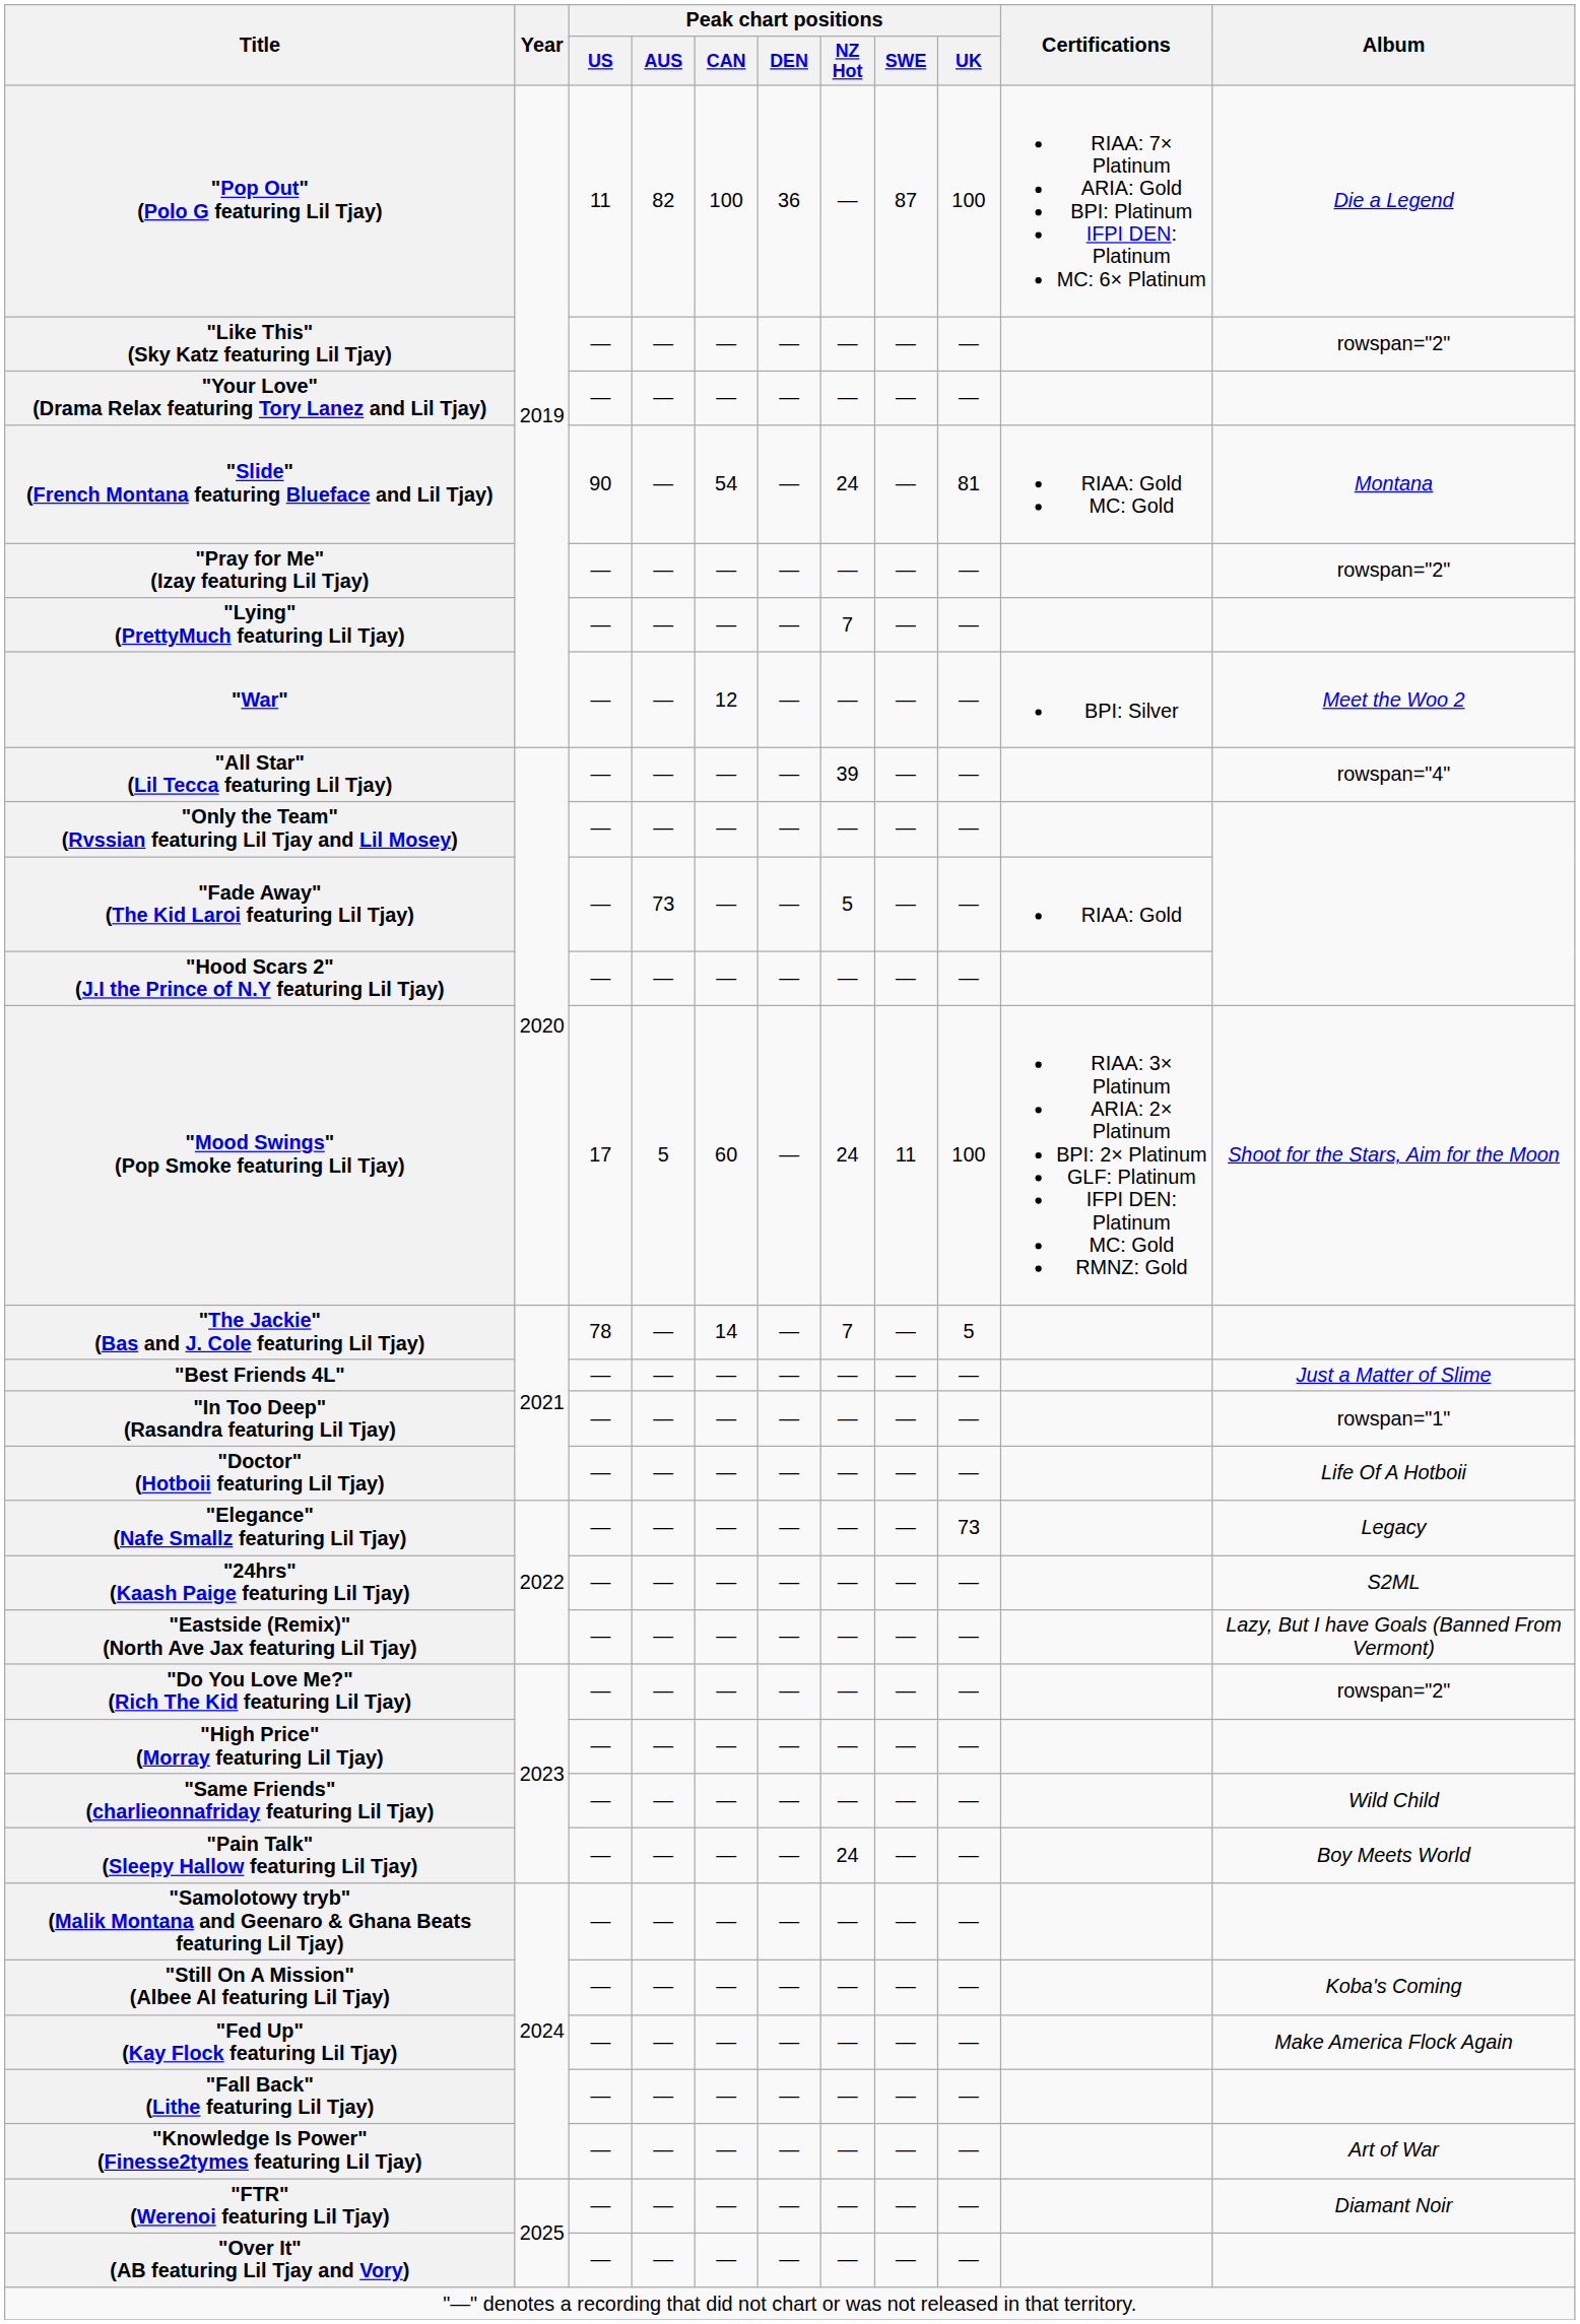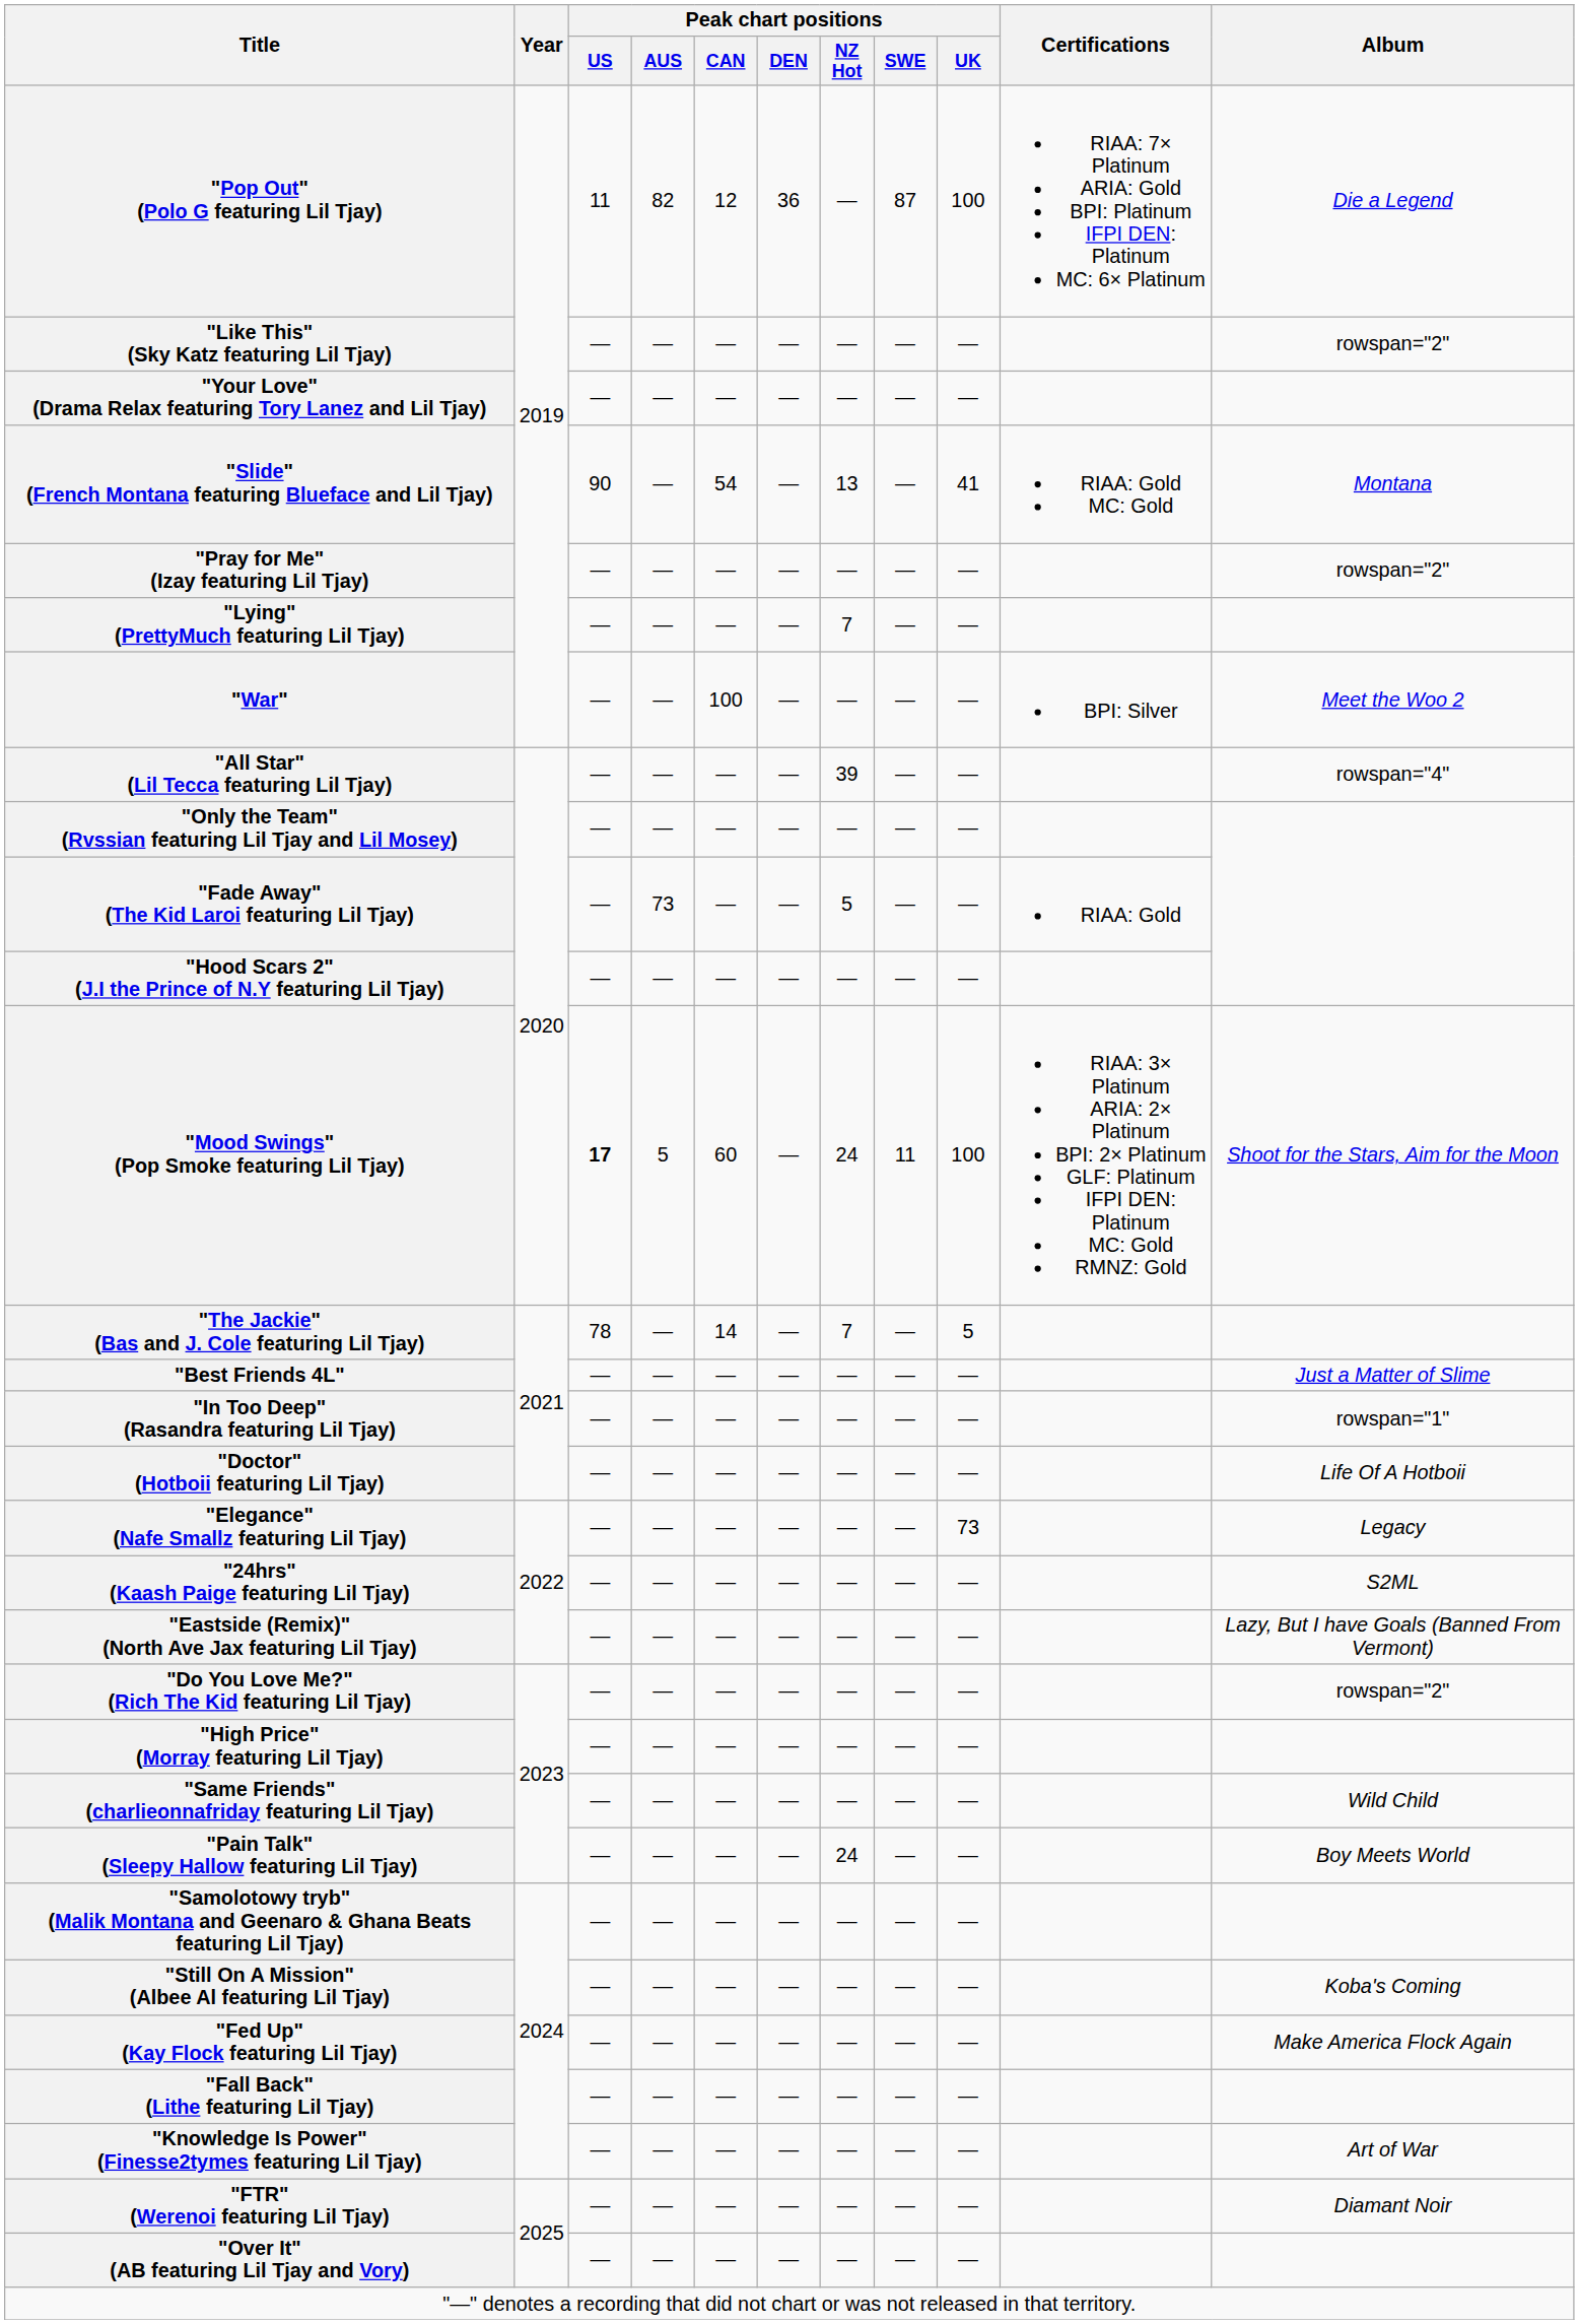 <table class="wikitable plainrowheaders" style="text-align:center">
 <tr>
 <th rowspan="2">Title</th>
 <th rowspan="2">Year</th>
 <th colspan="7">Peak chart positions</th>
 <th rowspan="2">Certifications</th>
 <th rowspan="2">Album</th>
 </tr>
 <tr>
 <th scope="col" style="width:3em;font-size:90%;"><a href='#'>US</a><br></th>
 <th scope="col" style="width:3em;font-size:90%;"><a href='#'>AUS</a><br></th>
 <th scope="col" style="width:3em;font-size:90%;"><a href='#'>CAN</a><br></th>
 <th scope="col" style="width:3em;font-size:90%;"><a href='#'>DEN</a><br></th>
 <th scope="col" style="width:2.5em;font-size:90%;"><a href='#'>NZ<br>Hot</a><br></th>
 <th scope="col" style="width:3em;font-size:90%;"><a href='#'>SWE</a><br></th>
 <th scope="col" style="width:3em;font-size:90%;"><a href='#'>UK</a><br></th>
 </tr>
 <tr>
 <th scope="row">"<a href='#'>Pop Out</a>"<br><span>(<a href='#'>Polo G</a> featuring Lil Tjay)</span></th>
 <td rowspan="7">2019</td>
 <td>11</td>
 <td>82</td>
-<td>100</td>
+<td>12</td>
 <td>36</td>
 <td>—</td>
 <td>87</td>
 <td>100</td>
 <td><br><ul><li>RIAA: 7× Platinum</li><li>ARIA: Gold</li><li>BPI: Platinum</li><li><a href='#'>IFPI DEN</a>: Platinum</li><li>MC: 6× Platinum</li></ul></td>
 <td><em><a href='#'>Die a Legend</a></em></td>
 </tr>
 <tr>
 <th scope="row">"Like This"<br><span>(Sky Katz featuring Lil Tjay)</span></th>
 <td>—</td>
 <td>—</td>
 <td>—</td>
 <td>—</td>
 <td>—</td>
 <td>—</td>
 <td>—</td>
 <td></td>
 <td>rowspan="2" </td>
 </tr>
 <tr>
 <th scope="row">"Your Love"<br><span>(Drama Relax featuring <a href='#'>Tory Lanez</a> and Lil Tjay)</span></th>
 <td>—</td>
 <td>—</td>
 <td>—</td>
 <td>—</td>
 <td>—</td>
 <td>—</td>
 <td>—</td>
 <td></td>
 </tr>
 <tr>
 <th scope="row">"<a href='#'>Slide</a>"<br><span>(<a href='#'>French Montana</a> featuring <a href='#'>Blueface</a> and Lil Tjay)</span></th>
 <td>90</td>
 <td>—</td>
 <td>54</td>
 <td>—</td>
-<td>24</td>
+<td>13</td>
 <td>—</td>
-<td>81</td>
+<td>41</td>
 <td><br><ul><li>RIAA: Gold</li><li>MC: Gold</li></ul></td>
 <td><em><a href='#'>Montana</a></em></td>
 </tr>
 <tr>
 <th scope="row">"Pray for Me"<br><span>(Izay featuring Lil Tjay)</span></th>
 <td>—</td>
 <td>—</td>
 <td>—</td>
 <td>—</td>
 <td>—</td>
 <td>—</td>
 <td>—</td>
 <td></td>
 <td>rowspan="2" </td>
 </tr>
 <tr>
 <th scope="row">"Lying"<br><span>(<a href='#'>PrettyMuch</a> featuring Lil Tjay)</span></th>
 <td>—</td>
 <td>—</td>
 <td>—</td>
 <td>—</td>
 <td>7</td>
 <td>—</td>
 <td>—</td>
 <td></td>
 </tr>
 <tr>
 <th scope="row">"<a href='#'>War</a>"<br></th>
 <td>—</td>
 <td>—</td>
-<td>12</td>
+<td>100</td>
 <td>—</td>
 <td>—</td>
 <td>—</td>
 <td>—</td>
 <td><br><ul><li>BPI: Silver</li></ul></td>
 <td><em><a href='#'>Meet the Woo 2</a></em></td>
 </tr>
 <tr>
 <th scope="row">"All Star"<br><span>(<a href='#'>Lil Tecca</a> featuring Lil Tjay)</span></th>
 <td rowspan="5">2020</td>
 <td>—</td>
 <td>—</td>
 <td>—</td>
 <td>—</td>
 <td>39</td>
 <td>—</td>
 <td>—</td>
 <td></td>
 <td>rowspan="4" </td>
 </tr>
 <tr>
 <th scope="row">"Only the Team"<br><span>(<a href='#'>Rvssian</a> featuring Lil Tjay and <a href='#'>Lil Mosey</a>)</span></th>
 <td>—</td>
 <td>—</td>
 <td>—</td>
 <td>—</td>
 <td>—</td>
 <td>—</td>
 <td>—</td>
 <td></td>
 </tr>
 <tr>
 <th scope="row">"Fade Away"<br><span>(<a href='#'>The Kid Laroi</a> featuring Lil Tjay)</span></th>
 <td>—</td>
 <td>73</td>
 <td>—</td>
 <td>—</td>
 <td>5</td>
 <td>—</td>
 <td>—</td>
 <td><br><ul><li>RIAA: Gold</li></ul></td>
 </tr>
 <tr>
 <th scope="row">"Hood Scars 2"<br><span>(<a href='#'>J.I the Prince of N.Y</a> featuring Lil Tjay)</span></th>
 <td>—</td>
 <td>—</td>
 <td>—</td>
 <td>—</td>
 <td>—</td>
 <td>—</td>
 <td>—</td>
 <td></td>
 </tr>
 <tr>
 <th scope="row">"<a href='#'>Mood Swings</a>"<br><span>(Pop Smoke featuring Lil Tjay)</span></th>
-<td>17</td>
+<td><strong>17</strong></td>
 <td>5</td>
 <td>60</td>
 <td>—</td>
 <td>24</td>
 <td>11</td>
 <td>100</td>
 <td><br><ul><li>RIAA: 3× Platinum</li><li>ARIA: 2× Platinum</li><li>BPI: 2× Platinum</li><li>GLF: Platinum</li><li>IFPI DEN: Platinum</li><li>MC: Gold</li><li>RMNZ: Gold</li></ul></td>
 <td><em><a href='#'>Shoot for the Stars, Aim for the Moon</a></em></td>
 </tr>
 <tr>
 <th scope="row">"<a href='#'>The Jackie</a>"<br><span>(<a href='#'>Bas</a> and <a href='#'>J. Cole</a> featuring Lil Tjay)</span></th>
 <td rowspan="4">2021</td>
 <td>78</td>
 <td>—</td>
 <td>14</td>
 <td>—</td>
 <td>7</td>
 <td>—</td>
 <td>5</td>
 <td></td>
 <td></td>
 </tr>
 <tr>
 <th scope="row">"Best Friends 4L"<br></th>
 <td>—</td>
 <td>—</td>
 <td>—</td>
 <td>—</td>
 <td>—</td>
 <td>—</td>
 <td>—</td>
 <td></td>
 <td><em><a href='#'>Just a Matter of Slime</a></em></td>
 </tr>
 <tr>
 <th scope="row">"In Too Deep"<br><span>(Rasandra featuring Lil Tjay)</span></th>
 <td>—</td>
 <td>—</td>
 <td>—</td>
 <td>—</td>
 <td>—</td>
 <td>—</td>
 <td>—</td>
 <td></td>
 <td>rowspan="1" </td>
 </tr>
 <tr>
 <th scope="row">"Doctor"<br><span>(<a href='#'>Hotboii</a> featuring Lil Tjay)</span></th>
 <td>—</td>
 <td>—</td>
 <td>—</td>
 <td>—</td>
 <td>—</td>
 <td>—</td>
 <td>—</td>
 <td></td>
 <td><em>Life Of A Hotboii</em></td>
 </tr>
 <tr>
 <th scope="row">"Elegance"<br><span>(<a href='#'>Nafe Smallz</a> featuring Lil Tjay)</span></th>
 <td rowspan="3">2022</td>
 <td>—</td>
 <td>—</td>
 <td>—</td>
 <td>—</td>
 <td>—</td>
 <td>—</td>
 <td>73</td>
 <td></td>
 <td><em>Legacy</em></td>
 </tr>
 <tr>
 <th scope="row">"24hrs"<br><span>(<a href='#'>Kaash Paige</a> featuring Lil Tjay)</span></th>
 <td>—</td>
 <td>—</td>
 <td>—</td>
 <td>—</td>
 <td>—</td>
 <td>—</td>
 <td>—</td>
 <td></td>
 <td><em>S2ML</em></td>
 </tr>
 <tr>
 <th scope="row">"Eastside (Remix)"<br><span>(North Ave Jax featuring Lil Tjay)</span></th>
 <td>—</td>
 <td>—</td>
 <td>—</td>
 <td>—</td>
 <td>—</td>
 <td>—</td>
 <td>—</td>
 <td></td>
 <td><em>Lazy, But I have Goals (Banned From Vermont)</em></td>
 </tr>
 <tr>
 <th scope="row">"Do You Love Me?"<br><span>(<a href='#'>Rich The Kid</a> featuring Lil Tjay)</span></th>
 <td rowspan="4">2023</td>
 <td>—</td>
 <td>—</td>
 <td>—</td>
 <td>—</td>
 <td>—</td>
 <td>—</td>
 <td>—</td>
 <td></td>
 <td>rowspan="2" </td>
 </tr>
 <tr>
 <th scope="row">"High Price"<br><span>(<a href='#'>Morray</a> featuring Lil Tjay)</span></th>
 <td>—</td>
 <td>—</td>
 <td>—</td>
 <td>—</td>
 <td>—</td>
 <td>—</td>
 <td>—</td>
 <td></td>
 </tr>
 <tr>
 <th scope="row">"Same Friends"<br><span>(<a href='#'>charlieonnafriday</a> featuring Lil Tjay)</span></th>
 <td>—</td>
 <td>—</td>
 <td>—</td>
 <td>—</td>
 <td>—</td>
 <td>—</td>
 <td>—</td>
 <td></td>
 <td><em>Wild Child</em></td>
 </tr>
 <tr>
 <th scope="row">"Pain Talk"<br><span>(<a href='#'>Sleepy Hallow</a> featuring Lil Tjay)</span></th>
 <td>—</td>
 <td>—</td>
 <td>—</td>
 <td>—</td>
 <td>24</td>
 <td>—</td>
 <td>—</td>
 <td></td>
 <td><em>Boy Meets World</em></td>
 </tr>
 <tr>
 <th scope="row">"Samolotowy tryb"<br><span>(<a href='#'>Malik Montana</a> and Geenaro & Ghana Beats featuring Lil Tjay)</span></th>
 <td rowspan="5">2024</td>
 <td>—</td>
 <td>—</td>
 <td>—</td>
 <td>—</td>
 <td>—</td>
 <td>—</td>
 <td>—</td>
 <td></td>
 <td></td>
 </tr>
 <tr>
 <th scope="row">"Still On A Mission"<br><span>(Albee Al featuring Lil Tjay)</span></th>
 <td>—</td>
 <td>—</td>
 <td>—</td>
 <td>—</td>
 <td>—</td>
 <td>—</td>
 <td>—</td>
 <td></td>
 <td><em>Koba's Coming</em></td>
 </tr>
 <tr>
 <th scope="row">"Fed Up"<br><span>(<a href='#'>Kay Flock</a> featuring Lil Tjay)</span></th>
 <td>—</td>
 <td>—</td>
 <td>—</td>
 <td>—</td>
 <td>—</td>
 <td>—</td>
 <td>—</td>
 <td></td>
 <td><em>Make America Flock Again</em></td>
 </tr>
 <tr>
 <th scope="row">"Fall Back"<br><span>(<a href='#'>Lithe</a> featuring Lil Tjay)</span></th>
 <td>—</td>
 <td>—</td>
 <td>—</td>
 <td>—</td>
 <td>—</td>
 <td>—</td>
 <td>—</td>
 <td></td>
 <td></td>
 </tr>
 <tr>
 <th scope="row">"Knowledge Is Power"<br><span>(<a href='#'>Finesse2tymes</a> featuring Lil Tjay)</span></th>
 <td>—</td>
 <td>—</td>
 <td>—</td>
 <td>—</td>
 <td>—</td>
 <td>—</td>
 <td>—</td>
 <td></td>
 <td><em>Art of War</em></td>
 </tr>
 <tr>
 <th scope="row">"FTR"<br><span>(<a href='#'>Werenoi</a> featuring Lil Tjay)</span></th>
 <td rowspan="2">2025</td>
 <td>—</td>
 <td>—</td>
 <td>—</td>
 <td>—</td>
 <td>—</td>
 <td>—</td>
 <td>—</td>
 <td></td>
 <td><em>Diamant Noir</em></td>
 </tr>
 <tr>
 <th scope="row">"Over It"<br><span>(AB featuring Lil Tjay and <a href='#'>Vory</a>)</span></th>
 <td>—</td>
 <td>—</td>
 <td>—</td>
 <td>—</td>
 <td>—</td>
 <td>—</td>
 <td>—</td>
 <td></td>
 <td></td>
 </tr>
 <tr>
 <td colspan="11">"—" denotes a recording that did not chart or was not released in that territory.</td>
 </tr>
 </table>
